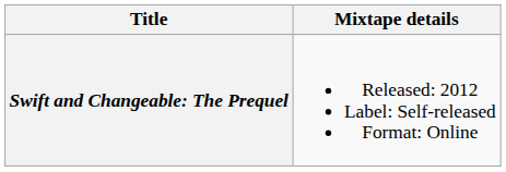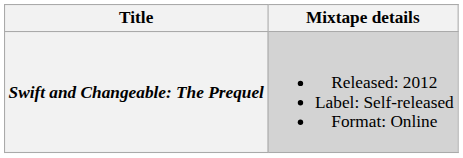 <table class="wikitable plainrowheaders" style="text-align:center;">
 <tr>
 <th scope="col">Title</th>
 <th scope="col">Mixtape details</th>
 </tr>
 <tr>
 <th scope="row"><em>Swift and Changeable: The Prequel</em></th>
-<td><br><ul><li>Released: 2012</li><li>Label: Self-released</li><li>Format: Online</li></ul></td>
+<td style="background: lightgrey;"><br><ul><li>Released: 2012</li><li>Label: Self-released</li><li>Format: Online</li></ul></td>
 </tr>
 </table>
